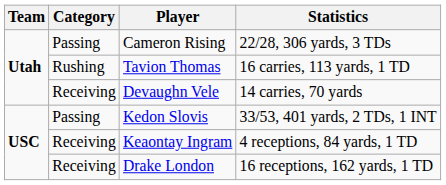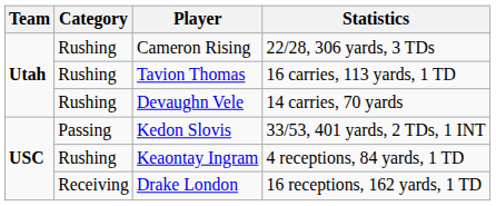 <table class="wikitable" style="float: left;">
 <tr>
 <th>Team</th>
 <th>Category</th>
 <th>Player</th>
 <th>Statistics</th>
 </tr>
 <tr>
 <td rowspan=3><strong>Utah</strong></td>
-<td>Passing</td>
+<td>Rushing</td>
 <td>Cameron Rising</td>
 <td>22/28, 306 yards, 3 TDs</td>
 </tr>
 <tr>
 <td>Rushing</td>
 <td><a href='#'>Tavion Thomas</a></td>
 <td>16 carries, 113 yards, 1 TD</td>
 </tr>
 <tr>
-<td>Receiving</td>
+<td>Rushing</td>
 <td><a href='#'>Devaughn Vele</a></td>
 <td>14 carries, 70 yards</td>
 </tr>
 <tr>
 <td rowspan=3><strong>USC</strong></td>
 <td>Passing</td>
 <td><a href='#'>Kedon Slovis</a></td>
 <td>33/53, 401 yards, 2 TDs, 1 INT</td>
 </tr>
 <tr>
-<td>Receiving</td>
+<td>Rushing</td>
 <td><a href='#'>Keaontay Ingram</a></td>
 <td>4 receptions, 84 yards, 1 TD</td>
 </tr>
 <tr>
 <td>Receiving</td>
 <td><a href='#'>Drake London</a></td>
 <td>16 receptions, 162 yards, 1 TD</td>
 </tr>
 </table>
